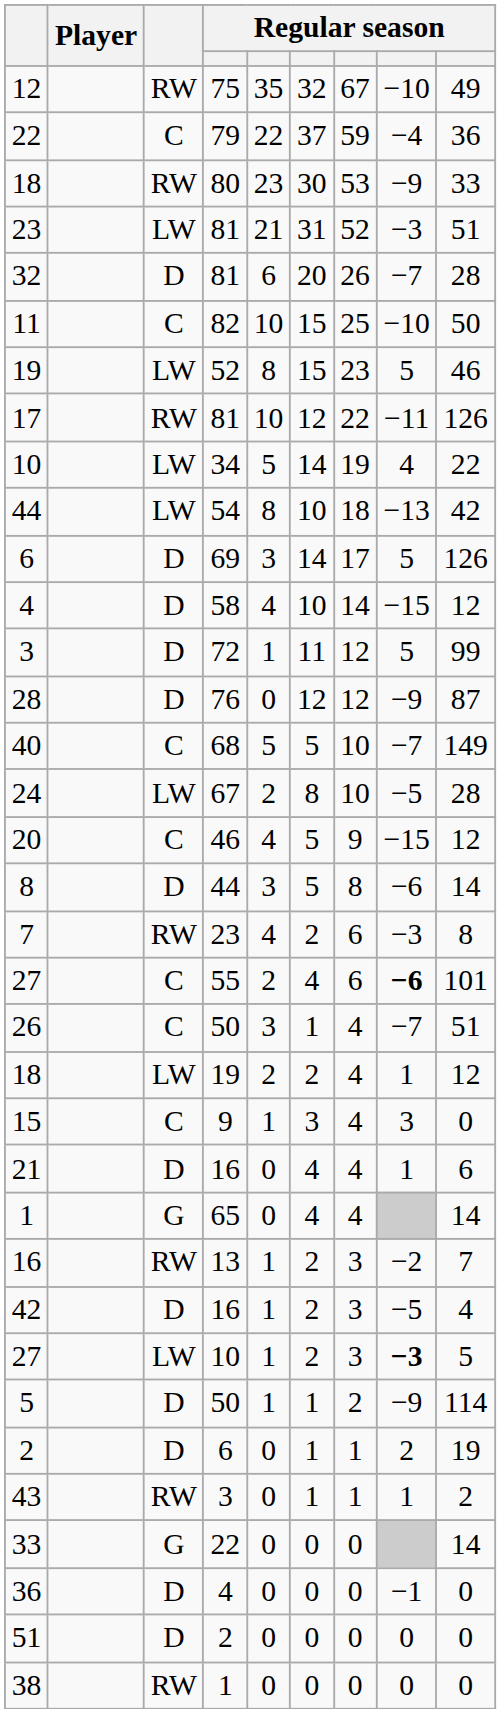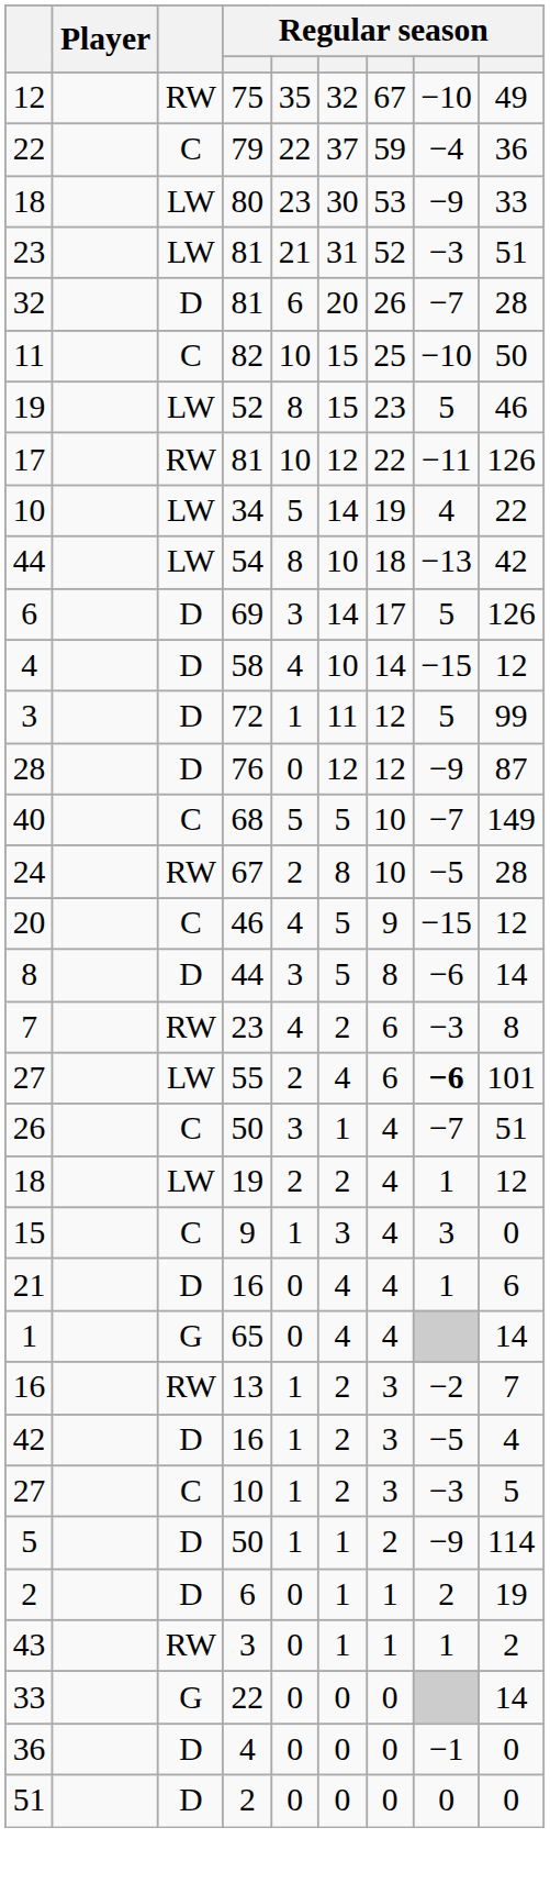 <table class="wikitable sortable plainrowheaders" style="text-align:center;">
 <tr>
 <th scope="col" data-sort-type="number" rowspan="2"></th>
 <th scope="col" rowspan="2">Player</th>
 <th scope="col" rowspan="2"></th>
 <th scope=colgroup colspan=6>Regular season</th>
 </tr>
 <tr>
 <th scope="col" data-sort-type="number"></th>
 <th scope="col" data-sort-type="number"></th>
 <th scope="col" data-sort-type="number"></th>
 <th scope="col" data-sort-type="number"></th>
 <th scope="col" data-sort-type="number"></th>
 <th scope="col" data-sort-type="number"></th>
 </tr>
 <tr>
 <td scope="row">12</td>
 <td align="left"></td>
 <td>RW</td>
 <td>75</td>
 <td>35</td>
 <td>32</td>
 <td>67</td>
 <td>−10</td>
 <td>49</td>
 </tr>
 <tr>
 <td scope="row">22</td>
 <td align="left"></td>
 <td>C</td>
 <td>79</td>
 <td>22</td>
 <td>37</td>
 <td>59</td>
 <td>−4</td>
 <td>36</td>
 </tr>
 <tr>
 <td scope="row">18</td>
 <td align="left"></td>
-<td>RW</td>
+<td>LW</td>
 <td>80</td>
 <td>23</td>
 <td>30</td>
 <td>53</td>
 <td>−9</td>
 <td>33</td>
 </tr>
 <tr>
 <td scope="row">23</td>
 <td align="left"></td>
 <td>LW</td>
 <td>81</td>
 <td>21</td>
 <td>31</td>
 <td>52</td>
 <td>−3</td>
 <td>51</td>
 </tr>
 <tr>
 <td scope="row">32</td>
 <td align="left"></td>
 <td>D</td>
 <td>81</td>
 <td>6</td>
 <td>20</td>
 <td>26</td>
 <td>−7</td>
 <td>28</td>
 </tr>
 <tr>
 <td scope="row">11</td>
 <td align="left"></td>
 <td>C</td>
 <td>82</td>
 <td>10</td>
 <td>15</td>
 <td>25</td>
 <td>−10</td>
 <td>50</td>
 </tr>
 <tr>
 <td scope="row">19</td>
 <td align="left"></td>
 <td>LW</td>
 <td>52</td>
 <td>8</td>
 <td>15</td>
 <td>23</td>
 <td>5</td>
 <td>46</td>
 </tr>
 <tr>
 <td scope="row">17</td>
 <td align="left"></td>
 <td>RW</td>
 <td>81</td>
 <td>10</td>
 <td>12</td>
 <td>22</td>
 <td>−11</td>
 <td>126</td>
 </tr>
 <tr>
 <td scope="row">10</td>
 <td align="left"></td>
 <td>LW</td>
 <td>34</td>
 <td>5</td>
 <td>14</td>
 <td>19</td>
 <td>4</td>
 <td>22</td>
 </tr>
 <tr>
 <td scope="row">44</td>
 <td align="left"></td>
 <td>LW</td>
 <td>54</td>
 <td>8</td>
 <td>10</td>
 <td>18</td>
 <td>−13</td>
 <td>42</td>
 </tr>
 <tr>
 <td scope="row">6</td>
 <td align="left"></td>
 <td>D</td>
 <td>69</td>
 <td>3</td>
 <td>14</td>
 <td>17</td>
 <td>5</td>
 <td>126</td>
 </tr>
 <tr>
 <td scope="row">4</td>
 <td align="left"></td>
 <td>D</td>
 <td>58</td>
 <td>4</td>
 <td>10</td>
 <td>14</td>
 <td>−15</td>
 <td>12</td>
 </tr>
 <tr>
 <td scope="row">3</td>
 <td align="left"></td>
 <td>D</td>
 <td>72</td>
 <td>1</td>
 <td>11</td>
 <td>12</td>
 <td>5</td>
 <td>99</td>
 </tr>
 <tr>
 <td scope="row">28</td>
 <td align="left"></td>
 <td>D</td>
 <td>76</td>
 <td>0</td>
 <td>12</td>
 <td>12</td>
 <td>−9</td>
 <td>87</td>
 </tr>
 <tr>
 <td scope="row">40</td>
 <td align="left"></td>
 <td>C</td>
 <td>68</td>
 <td>5</td>
 <td>5</td>
 <td>10</td>
 <td>−7</td>
 <td>149</td>
 </tr>
 <tr>
 <td scope="row">24</td>
 <td align="left"></td>
-<td>LW</td>
+<td>RW</td>
 <td>67</td>
 <td>2</td>
 <td>8</td>
 <td>10</td>
 <td>−5</td>
 <td>28</td>
 </tr>
 <tr>
 <td scope="row">20</td>
 <td align="left"></td>
 <td>C</td>
 <td>46</td>
 <td>4</td>
 <td>5</td>
 <td>9</td>
 <td>−15</td>
 <td>12</td>
 </tr>
 <tr>
 <td scope="row">8</td>
 <td align="left"></td>
 <td>D</td>
 <td>44</td>
 <td>3</td>
 <td>5</td>
 <td>8</td>
 <td>−6</td>
 <td>14</td>
 </tr>
 <tr>
 <td scope="row">7</td>
 <td align="left"></td>
 <td>RW</td>
 <td>23</td>
 <td>4</td>
 <td>2</td>
 <td>6</td>
 <td>−3</td>
 <td>8</td>
 </tr>
 <tr>
 <td scope="row">27</td>
 <td align="left"></td>
-<td>C</td>
+<td>LW</td>
 <td>55</td>
 <td>2</td>
 <td>4</td>
 <td>6</td>
 <td><strong>−6</strong></td>
 <td>101</td>
 </tr>
 <tr>
 <td scope="row">26</td>
 <td align="left"></td>
 <td>C</td>
 <td>50</td>
 <td>3</td>
 <td>1</td>
 <td>4</td>
 <td>−7</td>
 <td>51</td>
 </tr>
 <tr>
 <td scope="row">18</td>
 <td align="left"></td>
 <td>LW</td>
 <td>19</td>
 <td>2</td>
 <td>2</td>
 <td>4</td>
 <td>1</td>
 <td>12</td>
 </tr>
 <tr>
 <td scope="row">15</td>
 <td align="left"></td>
 <td>C</td>
 <td>9</td>
 <td>1</td>
 <td>3</td>
 <td>4</td>
 <td>3</td>
 <td>0</td>
 </tr>
 <tr>
 <td scope="row">21</td>
 <td align="left"></td>
 <td>D</td>
 <td>16</td>
 <td>0</td>
 <td>4</td>
 <td>4</td>
 <td>1</td>
 <td>6</td>
 </tr>
 <tr>
 <td scope="row">1</td>
 <td align="left"></td>
 <td>G</td>
 <td>65</td>
 <td>0</td>
 <td>4</td>
 <td>4</td>
 <td style="background:#ccc"></td>
 <td>14</td>
 </tr>
 <tr>
 <td scope="row">16</td>
 <td align="left"></td>
 <td>RW</td>
 <td>13</td>
 <td>1</td>
 <td>2</td>
 <td>3</td>
 <td>−2</td>
 <td>7</td>
 </tr>
 <tr>
 <td scope="row">42</td>
 <td align="left"></td>
 <td>D</td>
 <td>16</td>
 <td>1</td>
 <td>2</td>
 <td>3</td>
 <td>−5</td>
 <td>4</td>
 </tr>
 <tr>
 <td scope="row">27</td>
 <td align="left"></td>
-<td>LW</td>
+<td>C</td>
 <td>10</td>
 <td>1</td>
 <td>2</td>
 <td>3</td>
-<td><strong>−3</strong></td>
+<td>−3</td>
 <td>5</td>
 </tr>
 <tr>
 <td scope="row">5</td>
 <td align="left"></td>
 <td>D</td>
 <td>50</td>
 <td>1</td>
 <td>1</td>
 <td>2</td>
 <td>−9</td>
 <td>114</td>
 </tr>
 <tr>
 <td scope="row">2</td>
 <td align="left"></td>
 <td>D</td>
 <td>6</td>
 <td>0</td>
 <td>1</td>
 <td>1</td>
 <td>2</td>
 <td>19</td>
 </tr>
 <tr>
 <td scope="row">43</td>
 <td align="left"></td>
 <td>RW</td>
 <td>3</td>
 <td>0</td>
 <td>1</td>
 <td>1</td>
 <td>1</td>
 <td>2</td>
 </tr>
 <tr>
 <td scope="row">33</td>
 <td align="left"></td>
 <td>G</td>
 <td>22</td>
 <td>0</td>
 <td>0</td>
 <td>0</td>
 <td style="background:#ccc"></td>
 <td>14</td>
 </tr>
 <tr>
 <td scope="row">36</td>
 <td align="left"></td>
 <td>D</td>
 <td>4</td>
 <td>0</td>
 <td>0</td>
 <td>0</td>
 <td>−1</td>
 <td>0</td>
 </tr>
 <tr>
 <td scope="row">51</td>
 <td align="left"></td>
 <td>D</td>
 <td>2</td>
 <td>0</td>
 <td>0</td>
 <td>0</td>
 <td>0</td>
 <td>0</td>
 </tr>
-<tr>
-<td scope="row">38</td>
-<td align="left"></td>
-<td>RW</td>
-<td>1</td>
-<td>0</td>
-<td>0</td>
-<td>0</td>
-<td>0</td>
-<td>0</td>
-</tr>
 </table>
